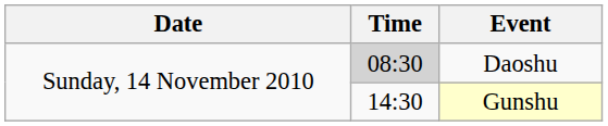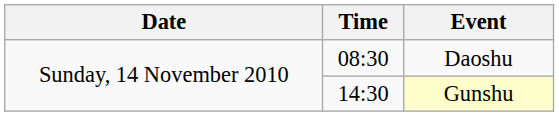 <table class = "wikitable" style="text-align:center;">
 <tr>
 <th width=220>Date</th>
 <th width=50>Time</th>
 <th width=100>Event</th>
 </tr>
 <tr>
 <td rowspan=2>Sunday, 14 November 2010</td>
-<td style="background: lightgrey;">08:30</td>
+<td>08:30</td>
 <td>Daoshu</td>
 </tr>
 <tr>
 <td>14:30</td>
 <td bgcolor=ffffcc>Gunshu</td>
 </tr>
 </table>
